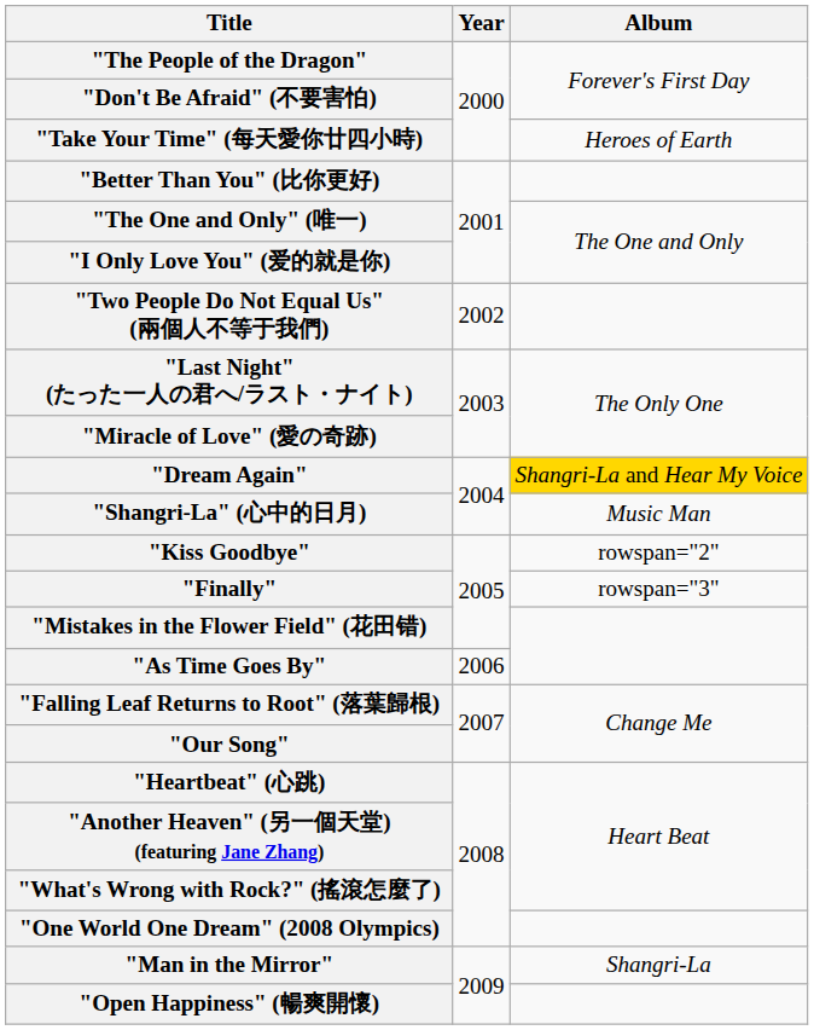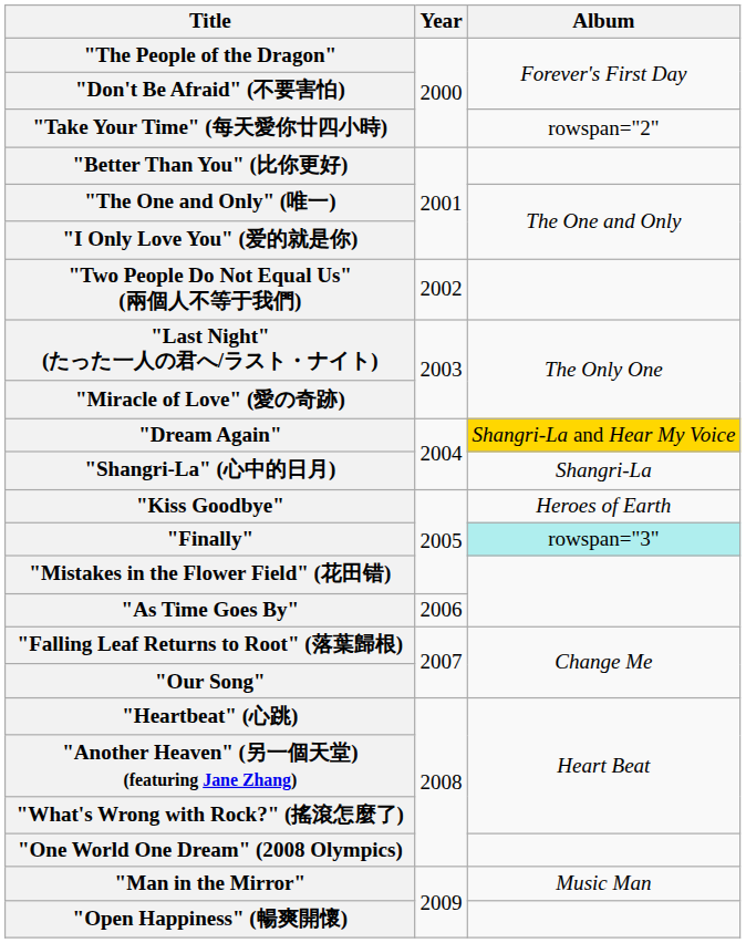 <table class="wikitable plainrowheaders" style="text-align:center;">
 <tr>
 <th scope="col" style="width:19em;">Title</th>
 <th scope="col">Year</th>
 <th scope="col">Album</th>
 </tr>
 <tr>
 <th scope="row">"The People of the Dragon"</th>
 <td rowspan="3">2000</td>
 <td rowspan="2"><em>Forever's First Day</em></td>
 </tr>
 <tr>
 <th scope="row">"Don't Be Afraid" (不要害怕)</th>
 </tr>
 <tr>
 <th scope="row">"Take Your Time" (每天愛你廿四小時)</th>
-<td><em>Heroes of Earth</em></td>
+<td>rowspan="2" </td>
 </tr>
 <tr>
 <th scope="row">"Better Than You" (比你更好)</th>
 <td rowspan="3">2001</td>
 </tr>
 <tr>
 <th scope="row">"The One and Only" (唯一)</th>
 <td rowspan="2"><em>The One and Only</em></td>
 </tr>
 <tr>
 <th scope="row">"I Only Love You" (爱的就是你)</th>
 </tr>
 <tr>
 <th scope="row">"Two People Do Not Equal Us"<br>(兩個人不等于我們)</th>
 <td>2002</td>
 <td></td>
 </tr>
 <tr>
 <th scope="row">"Last Night"<br>(たった一人の君へ/ラスト・ナイト)</th>
 <td rowspan="2">2003</td>
 <td rowspan="2"><em>The Only One</em></td>
 </tr>
 <tr>
 <th scope="row">"Miracle of Love" (愛の奇跡)</th>
 </tr>
 <tr>
 <th scope="row">"Dream Again"</th>
 <td rowspan="2">2004</td>
 <td style="background: gold;"><em>Shangri-La</em> and <em>Hear My Voice</em></td>
 </tr>
 <tr>
 <th scope="row">"Shangri-La" (心中的日月)</th>
-<td><em>Music Man</em></td>
+<td><em>Shangri-La</em></td>
 </tr>
 <tr>
 <th scope="row">"Kiss Goodbye"</th>
 <td rowspan="3">2005</td>
-<td>rowspan="2" </td>
+<td><em>Heroes of Earth</em></td>
 </tr>
 <tr>
 <th scope="row">"Finally"</th>
-<td>rowspan="3" </td>
+<td style="background: paleturquoise;">rowspan="3" </td>
 </tr>
 <tr>
 <th scope="row">"Mistakes in the Flower Field" (花田错)</th>
 </tr>
 <tr>
 <th scope="row">"As Time Goes By"</th>
 <td>2006</td>
 </tr>
 <tr>
 <th scope="row">"Falling Leaf Returns to Root" (落葉歸根)</th>
 <td rowspan="2">2007</td>
 <td rowspan="2"><em>Change Me</em></td>
 </tr>
 <tr>
 <th scope="row">"Our Song"</th>
 </tr>
 <tr>
 <th scope="row">"Heartbeat" (心跳)</th>
 <td rowspan="4">2008</td>
 <td rowspan="3"><em>Heart Beat</em></td>
 </tr>
 <tr>
 <th scope="row">"Another Heaven" (另一個天堂)<br><small>(featuring <a href='#'>Jane Zhang</a>)</small></th>
 </tr>
 <tr>
 <th scope="row">"What's Wrong with Rock?" (搖滾怎麼了)</th>
 </tr>
 <tr>
 <th scope="row">"One World One Dream" (2008 Olympics)</th>
 <td></td>
 </tr>
 <tr>
 <th scope="row">"Man in the Mirror"</th>
 <td rowspan="2">2009</td>
-<td><em>Shangri-La</em></td>
+<td><em>Music Man</em></td>
 </tr>
 <tr>
 <th scope="row">"Open Happiness" (暢爽開懷)</th>
 <td></td>
 </tr>
 </table>
